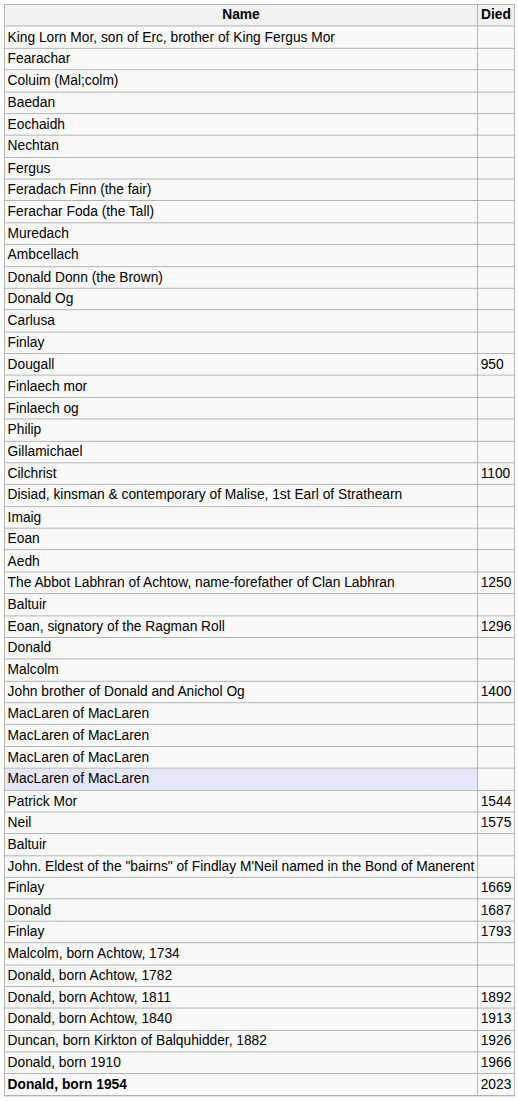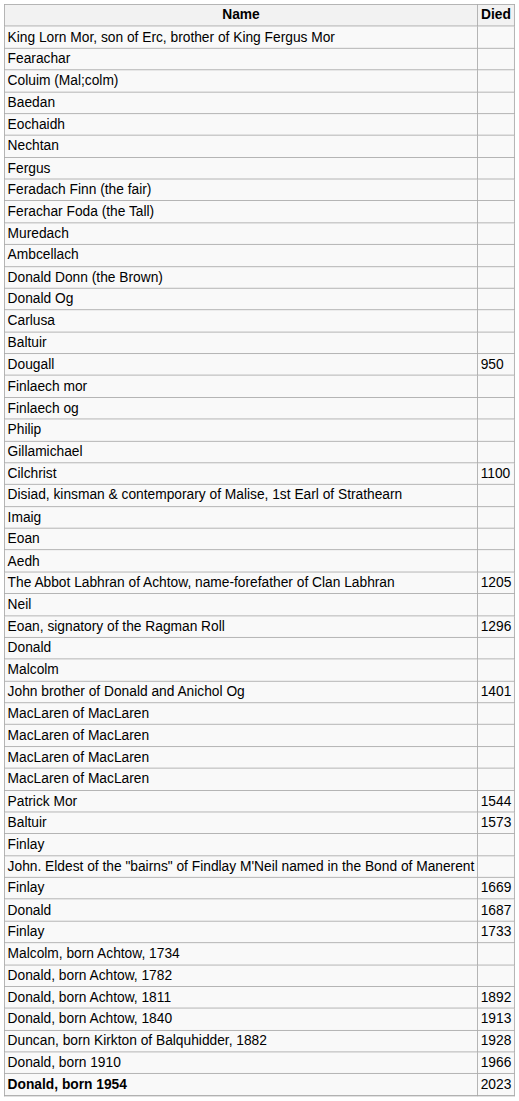 <table class="wikitable">
 <tr>
 <th>Name</th>
 <th>Died</th>
 </tr>
 <tr>
 <td>King Lorn Mor, son of Erc, brother of King Fergus Mor</td>
 <td></td>
 </tr>
 <tr>
 <td>Fearachar</td>
 <td></td>
 </tr>
 <tr>
 <td>Coluim (Mal;colm)</td>
 <td></td>
 </tr>
 <tr>
 <td>Baedan</td>
 <td></td>
 </tr>
 <tr>
 <td>Eochaidh</td>
 <td></td>
 </tr>
 <tr>
 <td>Nechtan</td>
 <td></td>
 </tr>
 <tr>
 <td>Fergus</td>
 <td></td>
 </tr>
 <tr>
 <td>Feradach Finn (the fair)</td>
 <td></td>
 </tr>
 <tr>
 <td>Ferachar Foda (the Tall)</td>
 <td></td>
 </tr>
 <tr>
 <td>Muredach</td>
 <td></td>
 </tr>
 <tr>
 <td>Ambcellach</td>
 <td></td>
 </tr>
 <tr>
 <td>Donald Donn (the Brown)</td>
 <td></td>
 </tr>
 <tr>
 <td>Donald Og</td>
 <td></td>
 </tr>
 <tr>
 <td>Carlusa</td>
 <td></td>
 </tr>
 <tr>
-<td>Finlay</td>
+<td>Baltuir</td>
 <td></td>
 </tr>
 <tr>
 <td>Dougall</td>
 <td>950</td>
 </tr>
 <tr>
 <td>Finlaech mor</td>
 <td></td>
 </tr>
 <tr>
 <td>Finlaech og</td>
 <td></td>
 </tr>
 <tr>
 <td>Philip</td>
 <td></td>
 </tr>
 <tr>
 <td>Gillamichael</td>
 <td></td>
 </tr>
 <tr>
 <td>Cilchrist</td>
 <td>1100</td>
 </tr>
 <tr>
 <td>Disiad, kinsman & contemporary of Malise, 1st Earl of Strathearn</td>
 <td></td>
 </tr>
 <tr>
 <td>Imaig</td>
 <td></td>
 </tr>
 <tr>
 <td>Eoan</td>
 <td></td>
 </tr>
 <tr>
 <td>Aedh</td>
 <td></td>
 </tr>
 <tr>
 <td>The Abbot Labhran of Achtow, name-forefather of Clan Labhran</td>
-<td>1250</td>
+<td>1205</td>
 </tr>
 <tr>
-<td>Baltuir</td>
+<td>Neil</td>
 <td></td>
 </tr>
 <tr>
 <td>Eoan, signatory of the Ragman Roll</td>
 <td>1296</td>
 </tr>
 <tr>
 <td>Donald</td>
 <td></td>
 </tr>
 <tr>
 <td>Malcolm</td>
 <td></td>
 </tr>
 <tr>
 <td>John brother of Donald and Anichol Og</td>
-<td>1400</td>
+<td>1401</td>
 </tr>
 <tr>
 <td>MacLaren of MacLaren</td>
 <td></td>
 </tr>
 <tr>
 <td>MacLaren of MacLaren</td>
 <td></td>
 </tr>
 <tr>
 <td>MacLaren of MacLaren</td>
 <td></td>
 </tr>
 <tr>
-<td style="background: lavender;">MacLaren of MacLaren</td>
+<td>MacLaren of MacLaren</td>
 <td></td>
 </tr>
 <tr>
 <td>Patrick Mor</td>
 <td>1544</td>
 </tr>
 <tr>
-<td>Neil</td>
-<td>1575</td>
+<td>Baltuir</td>
+<td>1573</td>
 </tr>
 <tr>
-<td>Baltuir</td>
+<td>Finlay</td>
 <td></td>
 </tr>
 <tr>
 <td>John. Eldest of the "bairns" of Findlay M'Neil named in the Bond of Manerent</td>
 <td></td>
 </tr>
 <tr>
 <td>Finlay</td>
 <td>1669</td>
 </tr>
 <tr>
 <td>Donald</td>
 <td>1687</td>
 </tr>
 <tr>
 <td>Finlay</td>
-<td>1793</td>
+<td>1733</td>
 </tr>
 <tr>
 <td>Malcolm, born Achtow, 1734</td>
 <td></td>
 </tr>
 <tr>
 <td>Donald, born Achtow, 1782</td>
 <td></td>
 </tr>
 <tr>
 <td>Donald, born Achtow, 1811</td>
 <td>1892</td>
 </tr>
 <tr>
 <td>Donald, born Achtow, 1840</td>
 <td>1913</td>
 </tr>
 <tr>
 <td>Duncan, born Kirkton of Balquhidder, 1882</td>
-<td>1926</td>
+<td>1928</td>
 </tr>
 <tr>
 <td>Donald, born 1910</td>
 <td>1966</td>
 </tr>
 <tr>
 <td><strong>Donald, born 1954</strong></td>
 <td>2023</td>
 </tr>
 <tr>
 </tr>
 </table>
